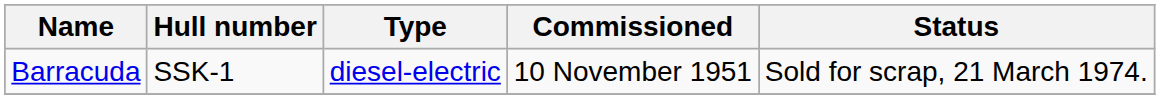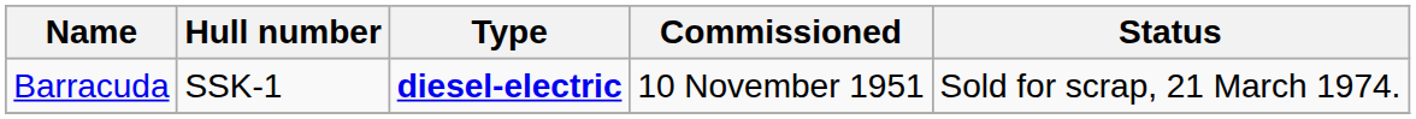 <table class="wikitable">
 <tr>
 <th><strong>Name</strong></th>
 <th>Hull number</th>
 <th>Type</th>
 <th>Commissioned</th>
 <th>Status</th>
 </tr>
 <tr>
 <td><a href='#'>Barracuda</a></td>
 <td>SSK-1</td>
-<td><a href='#'>diesel-electric</a></td>
+<td><strong><a href='#'>diesel-electric</a></strong></td>
 <td>10 November 1951</td>
 <td>Sold for scrap, 21 March 1974.</td>
 </tr>
 <tr>
 </tr>
 </table>
